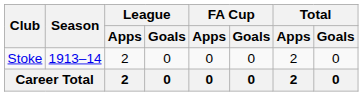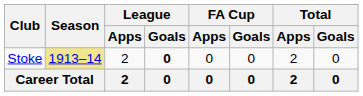 <table class="wikitable" style="text-align: center;">
 <tr>
 <th rowspan="2">Club</th>
 <th rowspan="2">Season</th>
 <th colspan="2">League</th>
 <th colspan="2">FA Cup</th>
 <th colspan="2">Total</th>
 </tr>
 <tr>
 <th>Apps</th>
 <th>Goals</th>
 <th>Apps</th>
 <th>Goals</th>
 <th>Apps</th>
 <th>Goals</th>
 </tr>
 <tr>
 <td><a href='#'>Stoke</a></td>
-<td><a href='#'>1913–14</a></td>
+<td style="background: khaki;"><a href='#'>1913–14</a></td>
 <td>2</td>
-<td>0</td>
+<td><strong>0</strong></td>
 <td>0</td>
 <td>0</td>
 <td>2</td>
 <td>0</td>
 </tr>
 <tr>
 <th colspan="2">Career Total</th>
 <th>2</th>
 <th>0</th>
 <th>0</th>
 <th>0</th>
 <th>2</th>
 <th>0</th>
 </tr>
 </table>
